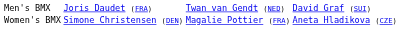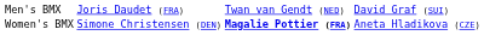 <table>
 <tr>
 <td>Men's BMX<br></td>
 <td> <a href='#'>Joris Daudet</a> <small>(<a href='#'>FRA</a>)</small></td>
 <td> <a href='#'>Twan van Gendt</a> <small>(<a href='#'>NED</a>)</small></td>
 <td> <a href='#'>David Graf</a> <small>(<a href='#'>SUI</a>)</small></td>
 </tr>
 <tr>
 <td>Women's BMX<br></td>
 <td> <a href='#'>Simone Christensen</a> <small>(<a href='#'>DEN</a>)</small></td>
-<td> <a href='#'>Magalie Pottier</a> <small>(<a href='#'>FRA</a>)</small></td>
+<td><strong> <a href='#'>Magalie Pottier</a> <small>(<a href='#'>FRA</a>)</small></strong></td>
 <td> <a href='#'>Aneta Hladikova</a> <small>(<a href='#'>CZE</a>)</small></td>
 </tr>
 </table>
